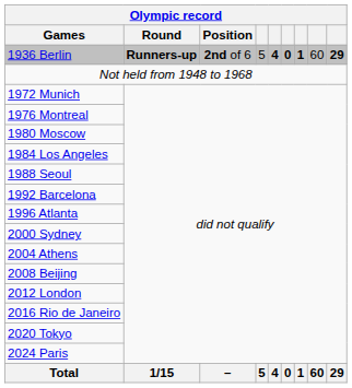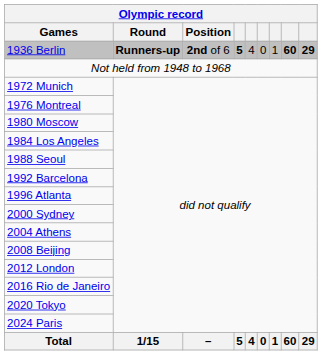 <table class="wikitable" style="text-align:center; font-size:90%;">
 <tr>
 <th colspan=9><a href='#'>Olympic record</a></th>
 </tr>
 <tr>
 <th>Games</th>
 <th>Round</th>
 <th>Position</th>
 <th></th>
 <th></th>
 <th></th>
 <th></th>
 <th></th>
 <th></th>
 </tr>
 <tr style="background:silver;">
 <td align=left> <a href='#'>1936 Berlin</a></td>
 <td><strong>Runners-up</strong></td>
 <td><strong>2nd</strong> of 6</td>
-<td>5</td>
-<td><strong>4</strong></td>
-<td><strong>0</strong></td>
-<td><strong>1</strong></td>
-<td>60</td>
+<td><strong>5</strong></td>
+<td>4</td>
+<td>0</td>
+<td>1</td>
+<td><strong>60</strong></td>
 <td><strong>29</strong></td>
 </tr>
 <tr>
 <td colspan=9><em>Not held from 1948 to 1968</em></td>
 </tr>
 <tr>
 <td align=left> <a href='#'>1972 Munich</a></td>
 <td rowspan=14 colspan=8><em>did not qualify</em></td>
 </tr>
 <tr>
 <td align=left> <a href='#'>1976 Montreal</a></td>
 </tr>
 <tr>
 <td align=left> <a href='#'>1980 Moscow</a></td>
 </tr>
 <tr>
 <td align=left> <a href='#'>1984 Los Angeles</a></td>
 </tr>
 <tr>
 <td align=left> <a href='#'>1988 Seoul</a></td>
 </tr>
 <tr>
 <td align=left> <a href='#'>1992 Barcelona</a></td>
 </tr>
 <tr>
 <td align=left> <a href='#'>1996 Atlanta</a></td>
 </tr>
 <tr>
 <td align=left> <a href='#'>2000 Sydney</a></td>
 </tr>
 <tr>
 <td align=left> <a href='#'>2004 Athens</a></td>
 </tr>
 <tr>
 <td align=left> <a href='#'>2008 Beijing</a></td>
 </tr>
 <tr>
 <td align=left> <a href='#'>2012 London</a></td>
 </tr>
 <tr>
 <td align=left> <a href='#'>2016 Rio de Janeiro</a></td>
 </tr>
 <tr>
 <td align=left> <a href='#'>2020 Tokyo</a></td>
 </tr>
 <tr>
 <td align=left> <a href='#'>2024 Paris</a></td>
 </tr>
 <tr>
 <th>Total</th>
 <th>1/15</th>
 <th>–</th>
 <th>5</th>
 <th>4</th>
 <th>0</th>
 <th>1</th>
 <th>60</th>
 <th>29</th>
 </tr>
 </table>
